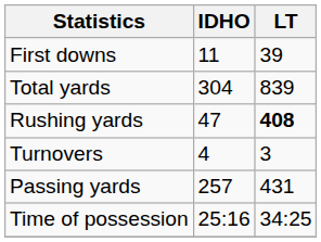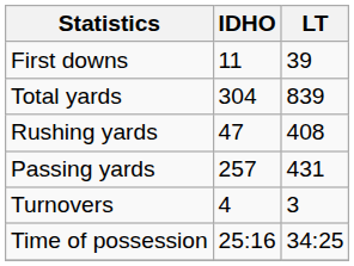 <table class="wikitable">
 <tr>
 <th>Statistics</th>
 <th>IDHO</th>
 <th>LT</th>
 </tr>
 <tr>
 <td>First downs</td>
 <td>11</td>
 <td>39</td>
 </tr>
 <tr>
 <td>Total yards</td>
 <td>304</td>
 <td>839</td>
 </tr>
 <tr>
 <td>Rushing yards</td>
 <td>47</td>
-<td><strong>408</strong></td>
+<td>408</td>
+</tr>
+<tr>
+<td>Passing yards</td>
+<td>257</td>
+<td>431</td>
 </tr>
 <tr>
 <td>Turnovers</td>
 <td>4</td>
 <td>3</td>
-</tr>
-<tr>
-<td>Passing yards</td>
-<td>257</td>
-<td>431</td>
 </tr>
 <tr>
 <td>Time of possession</td>
 <td>25:16</td>
 <td>34:25</td>
 </tr>
 <tr>
 </tr>
 </table>
